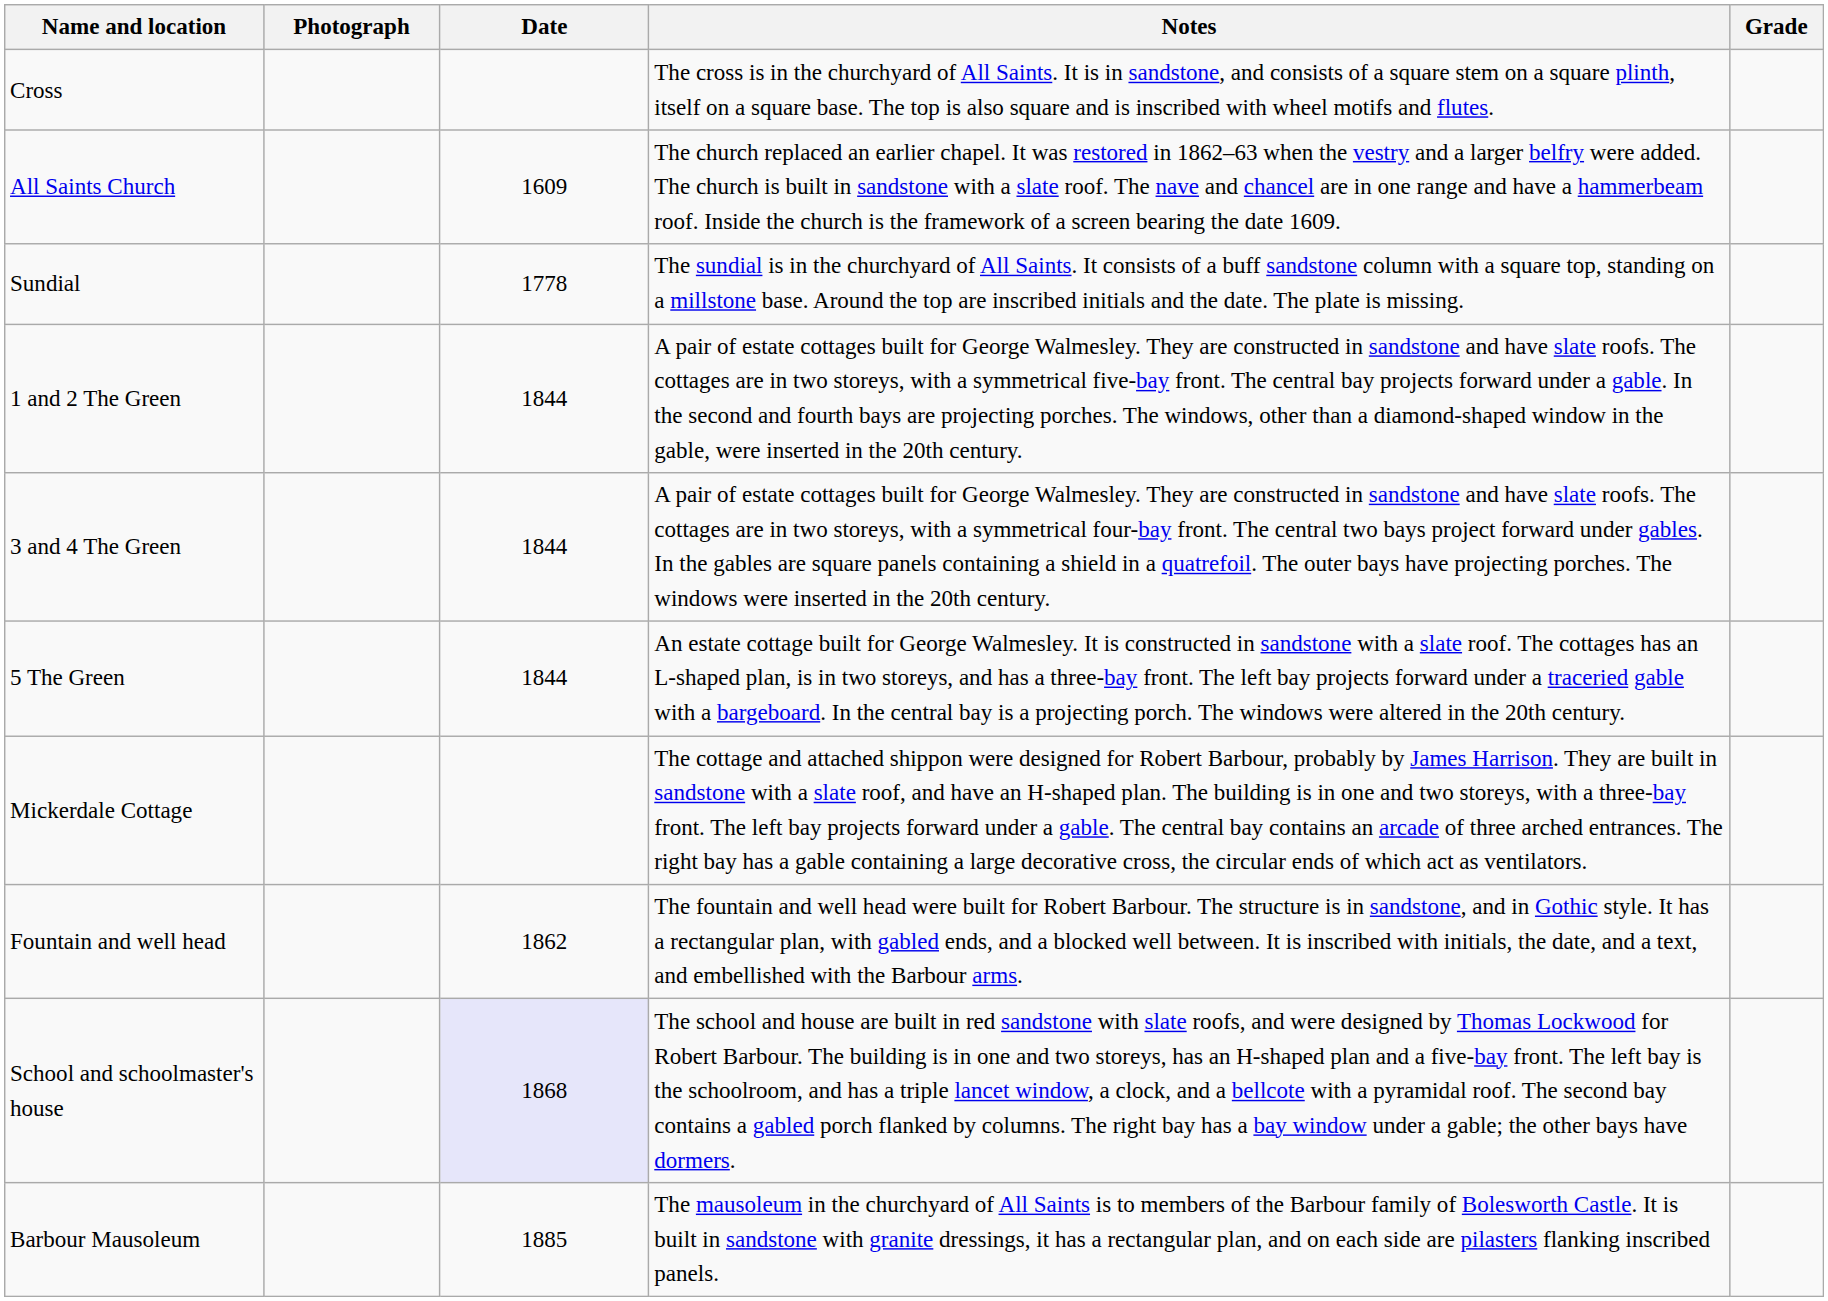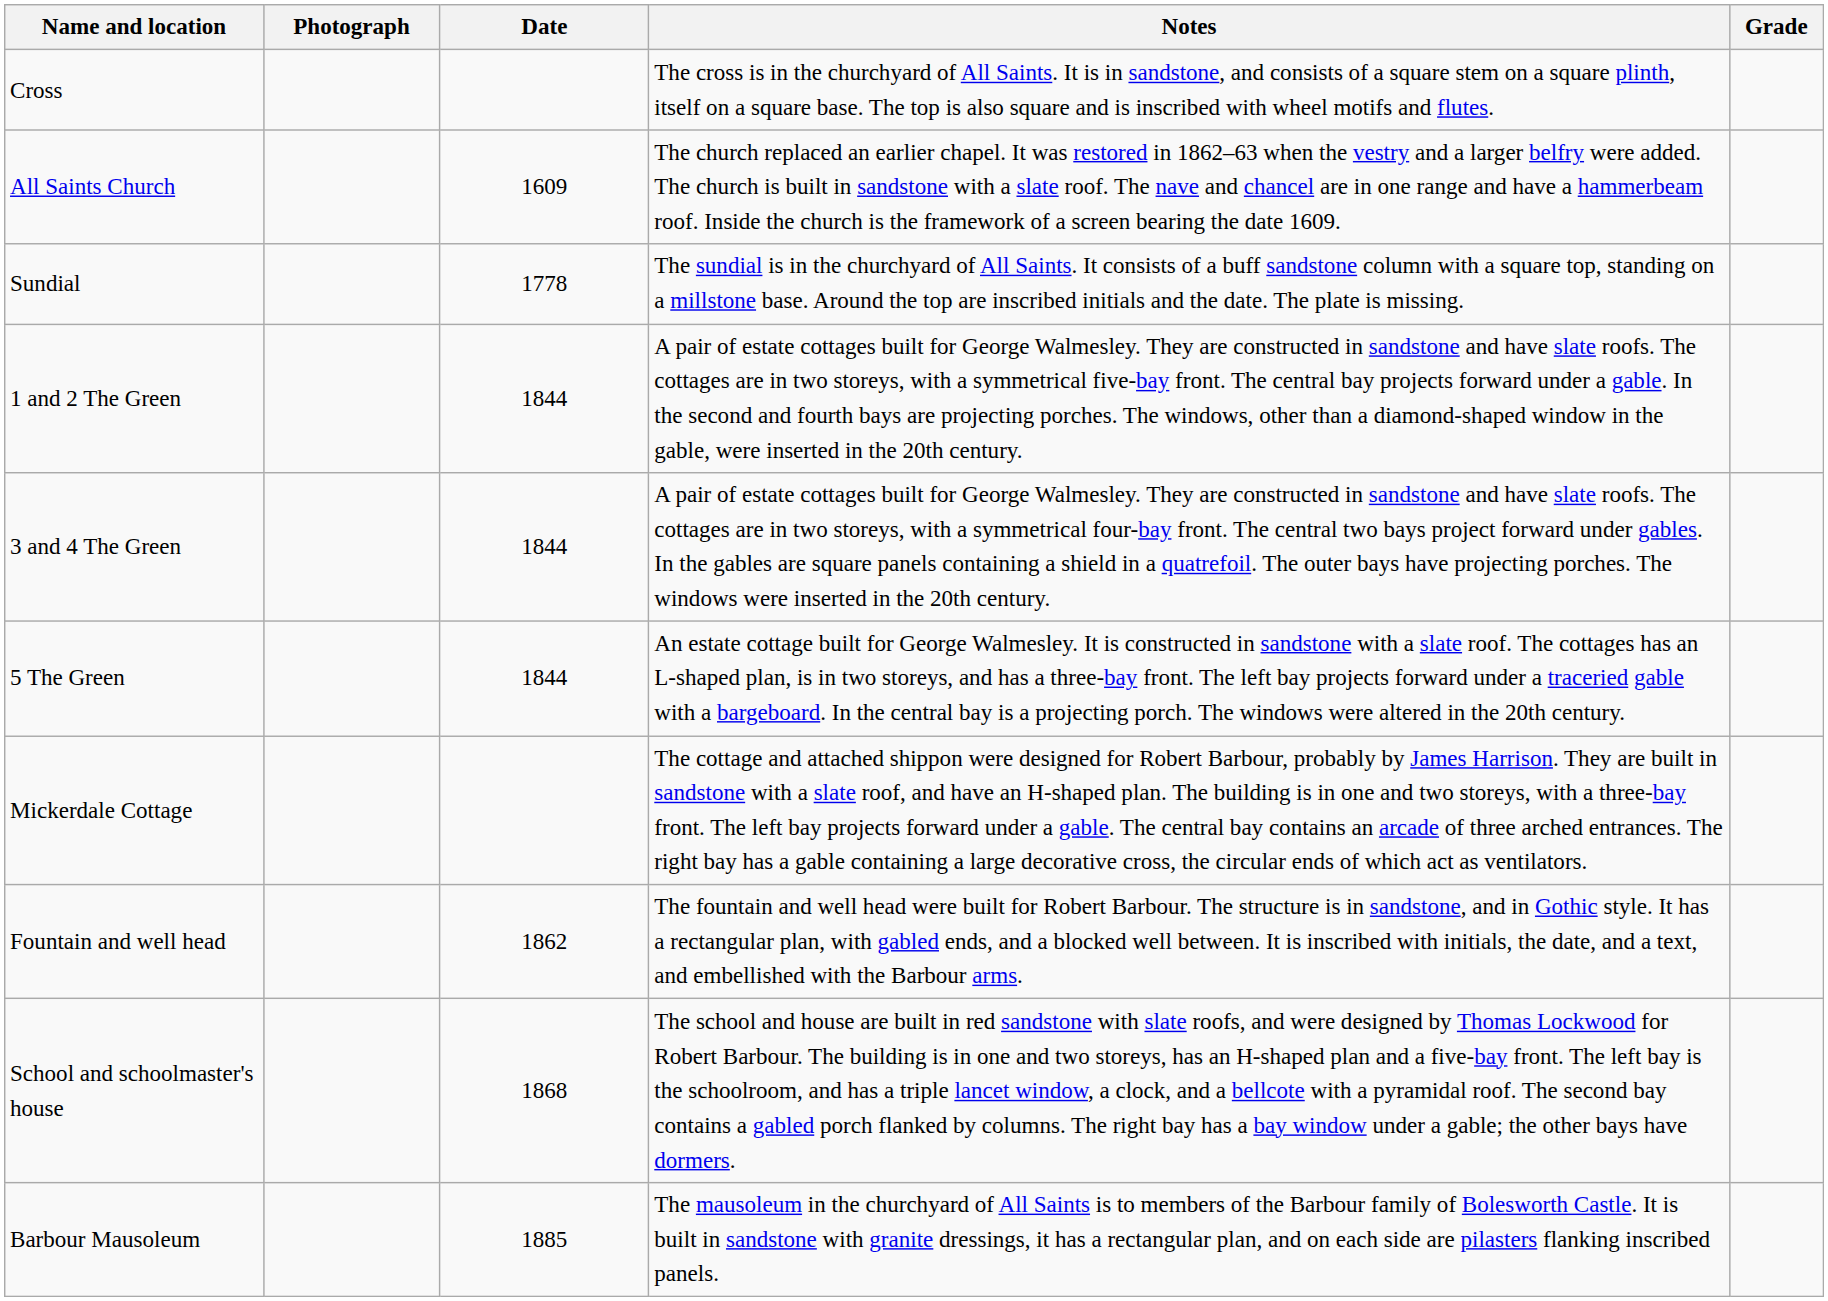 <table class="wikitable sortable plainrowheaders" style="width:100%;border:0px;text-align:left;line-height:150%;">
 <tr>
 <th scope="col" style="width:150px">Name and location</th>
 <th scope="col" style="width:100px" class="unsortable">Photograph</th>
 <th scope="col" style="width:120px">Date</th>
 <th scope="col" style="width:650px" class="unsortable">Notes</th>
 <th scope="col" style="width:50px">Grade</th>
 </tr>
 <tr>
 <td>Cross<br><small></small></td>
 <td></td>
 <td align="center"></td>
 <td>The cross is in the churchyard of <a href='#'>All Saints</a>. It is in <a href='#'>sandstone</a>, and consists of a square stem on a square <a href='#'>plinth</a>, itself on a square base. The top is also square and is inscribed with wheel motifs and <a href='#'>flutes</a>.</td>
 <td align="center" ></td>
 </tr>
 <tr>
 <td><a href='#'>All Saints Church</a><br><small></small></td>
 <td></td>
 <td align="center">1609</td>
 <td>The church replaced an earlier chapel. It was <a href='#'>restored</a> in 1862–63 when the <a href='#'>vestry</a> and a larger <a href='#'>belfry</a> were added. The church is built in <a href='#'>sandstone</a> with a <a href='#'>slate</a> roof. The <a href='#'>nave</a> and <a href='#'>chancel</a> are in one range and have a <a href='#'>hammerbeam</a> roof. Inside the church is the framework of a screen bearing the date 1609.</td>
 <td align="center" ></td>
 </tr>
 <tr>
 <td>Sundial<br><small></small></td>
 <td></td>
 <td align="center">1778</td>
 <td>The <a href='#'>sundial</a> is in the churchyard of <a href='#'>All Saints</a>. It consists of a buff <a href='#'>sandstone</a> column with a square top, standing on a <a href='#'>millstone</a> base. Around the top are inscribed initials and the date. The plate is missing.</td>
 <td align="center" ></td>
 </tr>
 <tr>
 <td>1 and 2 The Green<br><small></small></td>
 <td></td>
 <td align="center">1844</td>
 <td>A pair of estate cottages built for George Walmesley. They are constructed in <a href='#'>sandstone</a> and have <a href='#'>slate</a> roofs. The cottages are in two storeys, with a symmetrical five-<a href='#'>bay</a> front. The central bay projects forward under a <a href='#'>gable</a>. In the second and fourth bays are projecting porches. The windows, other than a diamond-shaped window in the gable, were inserted in the 20th century.</td>
 <td align="center" ></td>
 </tr>
 <tr>
 <td>3 and 4 The Green<br><small></small></td>
 <td></td>
 <td align="center">1844</td>
 <td>A pair of estate cottages built for George Walmesley. They are constructed in <a href='#'>sandstone</a> and have <a href='#'>slate</a> roofs. The cottages are in two storeys, with a symmetrical four-<a href='#'>bay</a> front. The central two bays project forward under <a href='#'>gables</a>. In the gables are square panels containing a shield in a <a href='#'>quatrefoil</a>. The outer bays have projecting porches. The windows were inserted in the 20th century.</td>
 <td align="center" ></td>
 </tr>
 <tr>
 <td>5 The Green<br><small></small></td>
 <td></td>
 <td align="center">1844</td>
 <td>An estate cottage built for George Walmesley. It is constructed in <a href='#'>sandstone</a> with a <a href='#'>slate</a> roof. The cottages has an L-shaped plan, is in two storeys, and has a three-<a href='#'>bay</a> front. The left bay projects forward under a <a href='#'>traceried</a> <a href='#'>gable</a> with a <a href='#'>bargeboard</a>. In the central bay is a projecting porch. The windows were altered in the 20th century.</td>
 <td align="center" ></td>
 </tr>
 <tr>
 <td>Mickerdale Cottage<br><small></small></td>
 <td></td>
 <td align="center"></td>
 <td>The cottage and attached shippon were designed for Robert Barbour, probably by <a href='#'>James Harrison</a>. They are built in <a href='#'>sandstone</a> with a <a href='#'>slate</a> roof, and have an H-shaped plan. The building is in one and two storeys, with a three-<a href='#'>bay</a> front. The left bay projects forward under a <a href='#'>gable</a>. The central bay contains an <a href='#'>arcade</a> of three arched entrances. The right bay has a gable containing a large decorative cross, the circular ends of which act as ventilators.</td>
 <td align="center" ></td>
 </tr>
 <tr>
 <td>Fountain and well head<br><small></small></td>
 <td></td>
 <td align="center">1862</td>
 <td>The fountain and well head were built for Robert Barbour. The structure is in <a href='#'>sandstone</a>, and in <a href='#'>Gothic</a> style. It has a rectangular plan, with <a href='#'>gabled</a> ends, and a blocked well between. It is inscribed with initials, the date, and a text, and embellished with the Barbour <a href='#'>arms</a>.</td>
 <td align="center" ></td>
 </tr>
 <tr>
 <td>School and schoolmaster's house<br><small></small></td>
 <td></td>
-<td align="center" style="background: lavender;">1868</td>
+<td align="center">1868</td>
 <td>The school and house are built in red <a href='#'>sandstone</a> with <a href='#'>slate</a> roofs, and were designed by <a href='#'>Thomas Lockwood</a> for Robert Barbour. The building is in one and two storeys, has an H-shaped plan and a five-<a href='#'>bay</a> front. The left bay is the schoolroom, and has a triple <a href='#'>lancet window</a>, a clock, and a <a href='#'>bellcote</a> with a pyramidal roof. The second bay contains a <a href='#'>gabled</a> porch flanked by columns. The right bay has a <a href='#'>bay window</a> under a gable; the other bays have <a href='#'>dormers</a>.</td>
 <td align="center" ></td>
 </tr>
 <tr>
 <td>Barbour Mausoleum<br><small></small></td>
 <td></td>
 <td align="center">1885</td>
 <td>The <a href='#'>mausoleum</a> in the churchyard of <a href='#'>All Saints</a> is to members of the Barbour family of <a href='#'>Bolesworth Castle</a>. It is built in <a href='#'>sandstone</a> with <a href='#'>granite</a> dressings, it has a rectangular plan, and on each side are <a href='#'>pilasters</a> flanking inscribed panels.</td>
 <td align="center" ></td>
 </tr>
 <tr>
 </tr>
 </table>
